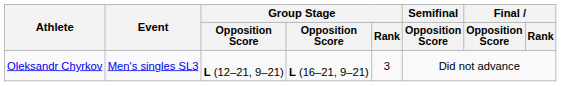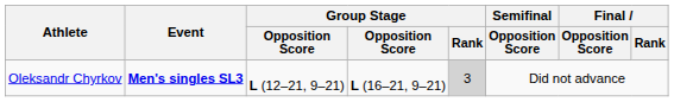 <table class="wikitable" style="font-size:90%; text-align:center">
 <tr>
 <th rowspan="2">Athlete</th>
 <th rowspan="2">Event</th>
 <th colspan="3">Group Stage</th>
 <th>Semifinal</th>
 <th colspan="2">Final / </th>
 </tr>
 <tr style="font-size:95%">
 <th>Opposition<br>Score</th>
 <th>Opposition<br>Score</th>
 <th>Rank</th>
 <th>Opposition<br>Score</th>
 <th>Opposition<br>Score</th>
 <th>Rank</th>
 </tr>
 <tr>
 <td align="left"><a href='#'>Oleksandr Chyrkov</a></td>
-<td align="left"><a href='#'>Men's singles SL3</a></td>
+<td align="left"><strong><a href='#'>Men's singles SL3</a></strong></td>
 <td><br><strong>L</strong> (12–21, 9–21)</td>
 <td><br><strong>L</strong> (16–21, 9–21)</td>
-<td>3</td>
+<td style="background: lightgrey;">3</td>
 <td colspan="3">Did not advance</td>
 </tr>
 </table>
